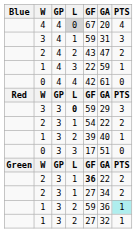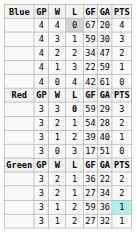 <table class="wikitable" style="text-align:center">
 <tr>
 <th>Blue</th>
+<th>GP</th>
 <th width=20>W</th>
-<th>GP</th>
 <th width=20>L</th>
 <th>GF</th>
 <th>GA</th>
 <th>PTS</th>
 </tr>
 <tr>
 <td align="left"></td>
 <td>4</td>
 <td>4</td>
 <td style="background: lightgrey;">0</td>
 <td>67</td>
 <td>20</td>
 <td>4</td>
 </tr>
 <tr>
 <td align="left"></td>
+<td>4</td>
 <td>3</td>
-<td>4</td>
 <td>1</td>
 <td>59</td>
-<td>31</td>
+<td>30</td>
 <td>3</td>
 </tr>
 <tr>
 <td align="left"></td>
-<td>2</td>
 <td>4</td>
 <td>2</td>
-<td>43</td>
+<td>2</td>
+<td>34</td>
 <td>47</td>
 <td>2</td>
 </tr>
 <tr>
 <td align="left"></td>
+<td>4</td>
 <td>1</td>
-<td>4</td>
 <td>3</td>
 <td>22</td>
 <td>59</td>
 <td>1</td>
 </tr>
 <tr>
 <td align="left"></td>
+<td>4</td>
 <td>0</td>
-<td>4</td>
 <td>4</td>
 <td>42</td>
 <td>61</td>
 <td>0</td>
 </tr>
 <tr>
 <th>Red</th>
+<th>GP</th>
 <th>W</th>
-<th>GP</th>
 <th>L</th>
 <th>GF</th>
 <th>GA</th>
 <th>PTS</th>
 </tr>
 <tr>
 <td align="left"></td>
 <td>3</td>
 <td>3</td>
 <td><strong>0</strong></td>
 <td>59</td>
 <td>29</td>
 <td>3</td>
 </tr>
 <tr>
 <td align="left"></td>
+<td>3</td>
 <td>2</td>
-<td>3</td>
 <td>1</td>
 <td>54</td>
-<td>22</td>
+<td>28</td>
 <td>2</td>
 </tr>
 <tr>
 <td align="left"></td>
+<td>3</td>
 <td>1</td>
-<td>3</td>
 <td>2</td>
 <td>39</td>
 <td>40</td>
 <td>1</td>
 </tr>
 <tr>
 <td align="left"></td>
+<td>3</td>
 <td>0</td>
-<td>3</td>
 <td>3</td>
 <td>17</td>
 <td>51</td>
 <td>0</td>
 </tr>
 <tr>
 <th>Green</th>
+<th>GP</th>
 <th>W</th>
-<th>GP</th>
 <th>L</th>
 <th>GF</th>
 <th>GA</th>
 <th>PTS</th>
 </tr>
 <tr>
 <td align="left"></td>
+<td>3</td>
 <td>2</td>
-<td>3</td>
 <td>1</td>
-<td><strong>36</strong></td>
+<td>36</td>
 <td>22</td>
 <td>2</td>
 </tr>
 <tr>
 <td align="left"></td>
+<td>3</td>
 <td>2</td>
-<td>3</td>
 <td>1</td>
 <td>27</td>
 <td>34</td>
 <td>2</td>
 </tr>
 <tr>
 <td align="left"></td>
+<td>3</td>
 <td>1</td>
-<td>3</td>
 <td>2</td>
 <td>59</td>
 <td>36</td>
 <td style="background: paleturquoise;">1</td>
 </tr>
 <tr>
 <td align="left"></td>
+<td>3</td>
 <td>1</td>
-<td>3</td>
 <td>2</td>
 <td>27</td>
 <td>32</td>
 <td>1</td>
 </tr>
 </table>
